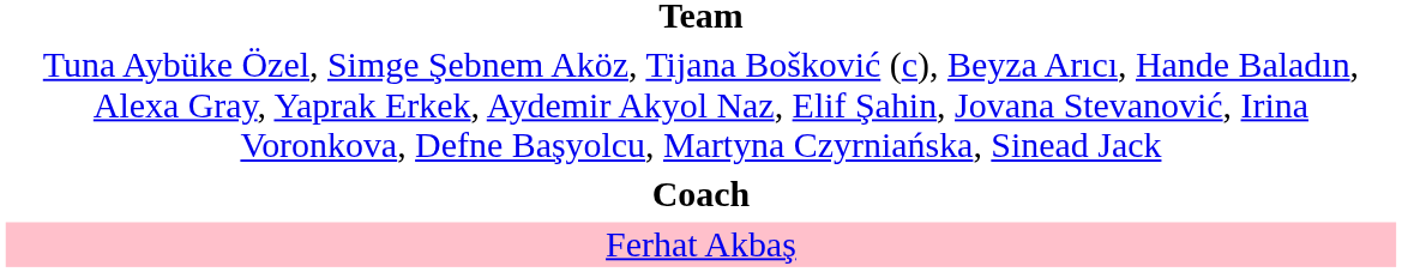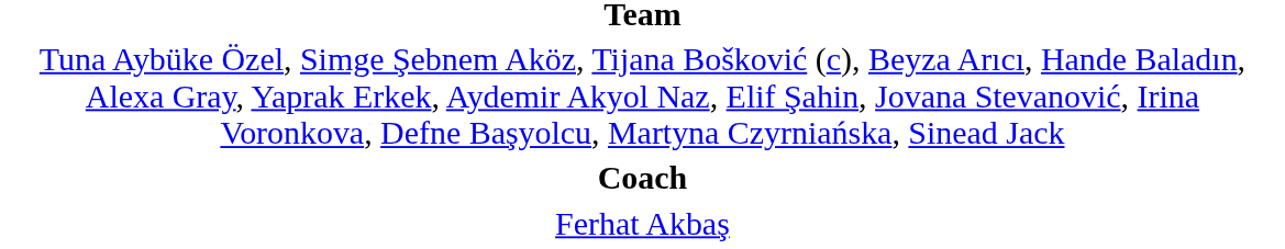 <table style="text-align:center; margin-top:2em; margin-left:auto; margin-right:auto">
 <tr>
 <td><strong>Team</strong></td>
 </tr>
 <tr>
 <td><a href='#'>Tuna Aybüke Özel</a>, <a href='#'>Simge Şebnem Aköz</a>, <a href='#'>Tijana Bošković</a> (<a href='#'>c</a>), <a href='#'>Beyza Arıcı</a>, <a href='#'>Hande Baladın</a>, <a href='#'>Alexa Gray</a>, <a href='#'>Yaprak Erkek</a>, <a href='#'>Aydemir Akyol Naz</a>, <a href='#'>Elif Şahin</a>, <a href='#'>Jovana Stevanović</a>, <a href='#'>Irina Voronkova</a>, <a href='#'>Defne Başyolcu</a>, <a href='#'>Martyna Czyrniańska</a>, <a href='#'>Sinead Jack</a></td>
 </tr>
 <tr>
 <td><strong>Coach</strong></td>
 </tr>
 <tr>
-<td style="background: pink;"> <a href='#'>Ferhat Akbaş</a></td>
+<td> <a href='#'>Ferhat Akbaş</a></td>
 </tr>
 </table>
